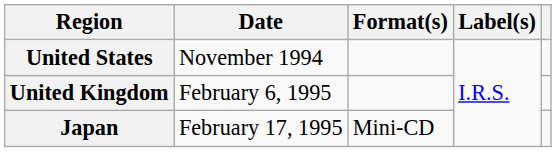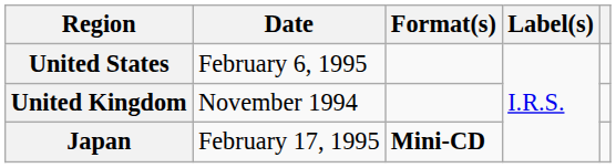 <table class="wikitable plainrowheaders">
 <tr>
 <th scope="col">Region</th>
 <th scope="col">Date</th>
 <th scope="col">Format(s)</th>
 <th scope="col">Label(s)</th>
 <th scope="col"></th>
 </tr>
 <tr>
 <th scope="row">United States</th>
-<td>November 1994</td>
+<td>February 6, 1995</td>
 <td></td>
 <td rowspan="3"><a href='#'>I.R.S.</a></td>
 <td></td>
 </tr>
 <tr>
 <th scope="row">United Kingdom</th>
-<td>February 6, 1995</td>
+<td>November 1994</td>
 <td></td>
 <td></td>
 </tr>
 <tr>
 <th scope="row">Japan</th>
 <td>February 17, 1995</td>
-<td>Mini-CD</td>
+<td><strong>Mini-CD</strong></td>
 <td></td>
 </tr>
 </table>
